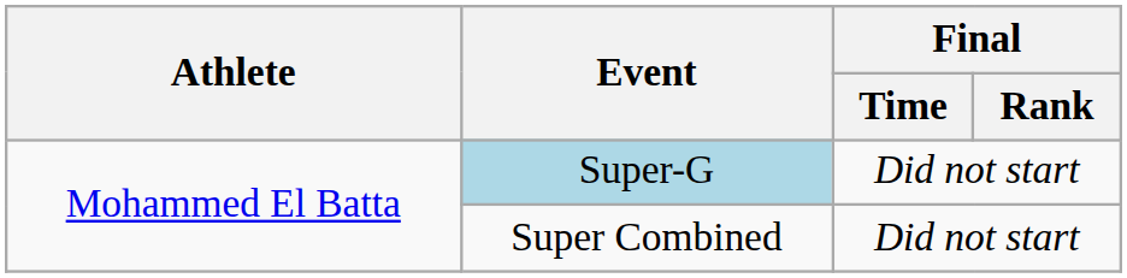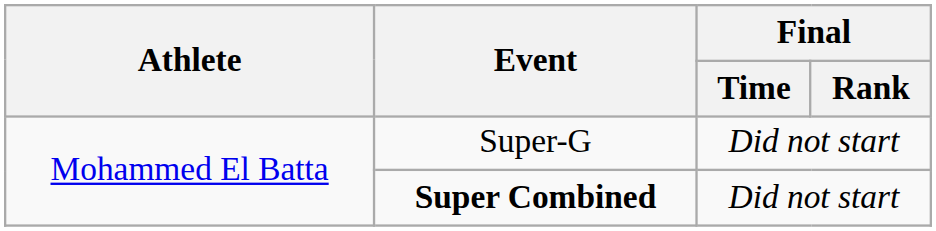 <table class="wikitable" style="font-size:90%; text-align:center; width:400px">
 <tr>
 <th rowspan="2">Athlete</th>
 <th rowspan="2">Event</th>
 <th colspan="2">Final</th>
 </tr>
 <tr>
 <th>Time</th>
 <th>Rank</th>
 </tr>
 <tr>
 <td rowspan=2><a href='#'>Mohammed El Batta</a></td>
-<td style="background: lightblue;">Super-G</td>
+<td>Super-G</td>
 <td colspan=2><em>Did not start</em></td>
 </tr>
 <tr>
-<td>Super Combined</td>
+<td><strong>Super Combined</strong></td>
 <td colspan=2><em>Did not start</em></td>
 </tr>
 </table>
